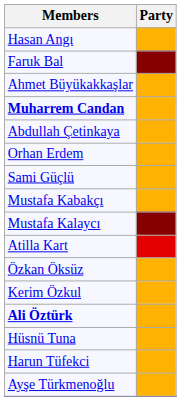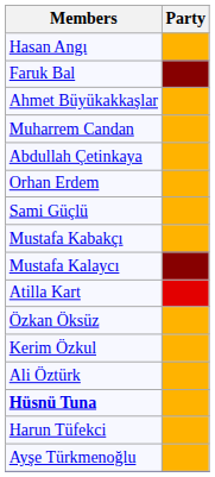 <table class=wikitable style="border:1px solid #8888aa; background-color:#f7f8ff; padding:0px; font-size:90%;">
 <tr>
 <th>Members</th>
 <th colspan="2">Party</th>
 </tr>
 <tr>
 <td><a href='#'>Hasan Angı</a></td>
 <td style="background: #ffb300"></td>
 </tr>
 <tr>
 <td><a href='#'>Faruk Bal</a></td>
 <td style="background: #870000"></td>
 </tr>
 <tr>
 <td><a href='#'>Ahmet Büyükakkaşlar</a></td>
 <td style="background: #ffb300"></td>
 </tr>
 <tr>
-<td><strong><a href='#'>Muharrem Candan</a></strong></td>
+<td><a href='#'>Muharrem Candan</a></td>
 <td style="background: #ffb300"></td>
 </tr>
 <tr>
 <td><a href='#'>Abdullah Çetinkaya</a></td>
 <td style="background: #ffb300"></td>
 </tr>
 <tr>
 <td><a href='#'>Orhan Erdem</a></td>
 <td style="background: #ffb300"></td>
 </tr>
 <tr>
 <td><a href='#'>Sami Güçlü</a></td>
 <td style="background: #ffb300"></td>
 </tr>
 <tr>
 <td><a href='#'>Mustafa Kabakçı</a></td>
 <td style="background: #ffb300"></td>
 </tr>
 <tr>
 <td><a href='#'>Mustafa Kalaycı</a></td>
 <td style="background: #870000"></td>
 </tr>
 <tr>
 <td><a href='#'>Atilla Kart</a></td>
 <td style="background: #e30000"></td>
 </tr>
 <tr>
 <td><a href='#'>Özkan Öksüz</a></td>
 <td style="background: #ffb300"></td>
 </tr>
 <tr>
 <td><a href='#'>Kerim Özkul</a></td>
 <td style="background: #ffb300"></td>
 </tr>
 <tr>
-<td><strong><a href='#'>Ali Öztürk</a></strong></td>
+<td><a href='#'>Ali Öztürk</a></td>
 <td style="background: #ffb300"></td>
 </tr>
 <tr>
-<td><a href='#'>Hüsnü Tuna</a></td>
+<td><strong><a href='#'>Hüsnü Tuna</a></strong></td>
 <td style="background: #ffb300"></td>
 </tr>
 <tr>
 <td><a href='#'>Harun Tüfekci</a></td>
 <td style="background: #ffb300"></td>
 </tr>
 <tr>
 <td><a href='#'>Ayşe Türkmenoğlu</a></td>
 <td style="background: #ffb300"></td>
 </tr>
 <tr>
 </tr>
 </table>
